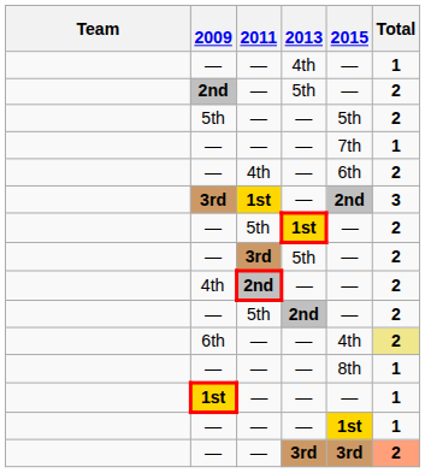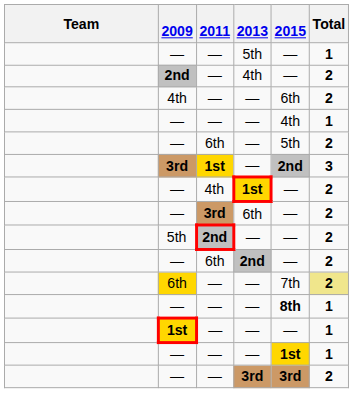 <table class="wikitable" style="text-align:center; font-size:90%">
 <tr>
 <th width=150>Team</th>
 <th><br><a href='#'>2009</a></th>
 <th><br><a href='#'>2011</a></th>
 <th><br><a href='#'>2013</a></th>
 <th><br><a href='#'>2015</a></th>
 <th>Total</th>
 </tr>
 <tr>
 <td align=left></td>
 <td>—</td>
 <td>—</td>
-<td>4th</td>
+<td>5th</td>
 <td>—</td>
 <td><strong>1</strong></td>
 </tr>
 <tr>
 <td align=left></td>
 <td bgcolor=Silver><strong>2nd</strong></td>
 <td>—</td>
-<td>5th</td>
+<td>4th</td>
 <td>—</td>
 <td><strong>2</strong></td>
 </tr>
 <tr>
 <td align=left></td>
-<td>5th</td>
+<td>4th</td>
 <td>—</td>
 <td>—</td>
-<td>5th</td>
+<td>6th</td>
 <td><strong>2</strong></td>
 </tr>
 <tr>
 <td align=left></td>
 <td>—</td>
 <td>—</td>
 <td>—</td>
-<td>7th</td>
+<td>4th</td>
 <td><strong>1</strong></td>
 </tr>
 <tr>
 <td align=left></td>
 <td>—</td>
-<td>4th</td>
+<td>6th</td>
 <td>—</td>
-<td>6th</td>
+<td>5th</td>
 <td><strong>2</strong></td>
 </tr>
 <tr>
 <td align=left></td>
 <td bgcolor=#cc9966><strong>3rd</strong></td>
 <td bgcolor=Gold><strong>1st</strong></td>
 <td>—</td>
 <td bgcolor=Silver><strong>2nd</strong></td>
 <td><strong>3</strong></td>
 </tr>
 <tr>
 <td align=left></td>
 <td>—</td>
-<td>5th</td>
+<td>4th</td>
 <td style="border: 3px solid red" bgcolor=Gold><strong>1st</strong></td>
 <td>—</td>
 <td><strong>2</strong></td>
 </tr>
 <tr>
 <td align=left></td>
 <td>—</td>
 <td bgcolor=#cc9966><strong>3rd</strong></td>
-<td>5th</td>
+<td>6th</td>
 <td>—</td>
 <td><strong>2</strong></td>
 </tr>
 <tr>
 <td align=left></td>
-<td>4th</td>
+<td>5th</td>
 <td style="border: 3px solid red" bgcolor=Silver><strong>2nd</strong></td>
 <td>—</td>
 <td>—</td>
 <td><strong>2</strong></td>
 </tr>
 <tr>
 <td align=left></td>
 <td>—</td>
-<td>5th</td>
+<td>6th</td>
 <td bgcolor=Silver><strong>2nd</strong></td>
 <td>—</td>
 <td><strong>2</strong></td>
 </tr>
 <tr>
 <td align=left></td>
-<td>6th</td>
+<td style="background: gold;">6th</td>
 <td>—</td>
 <td>—</td>
-<td>4th</td>
+<td>7th</td>
 <td style="background: khaki;"><strong>2</strong></td>
 </tr>
 <tr>
 <td align=left></td>
 <td>—</td>
 <td>—</td>
 <td>—</td>
-<td>8th</td>
+<td><strong>8th</strong></td>
 <td><strong>1</strong></td>
 </tr>
 <tr>
 <td align=left></td>
 <td style="border: 3px solid red" bgcolor=Gold><strong>1st</strong></td>
 <td>—</td>
 <td>—</td>
 <td>—</td>
 <td><strong>1</strong></td>
 </tr>
 <tr>
 <td align=left></td>
 <td>—</td>
 <td>—</td>
 <td>—</td>
 <td bgcolor=Gold><strong>1st</strong></td>
 <td><strong>1</strong></td>
 </tr>
 <tr>
 <td align=left></td>
 <td>—</td>
 <td>—</td>
 <td bgcolor=#cc9966><strong>3rd</strong></td>
 <td bgcolor=#cc9966><strong>3rd</strong></td>
-<td style="background: lightsalmon;"><strong>2</strong></td>
+<td><strong>2</strong></td>
 </tr>
 </table>
